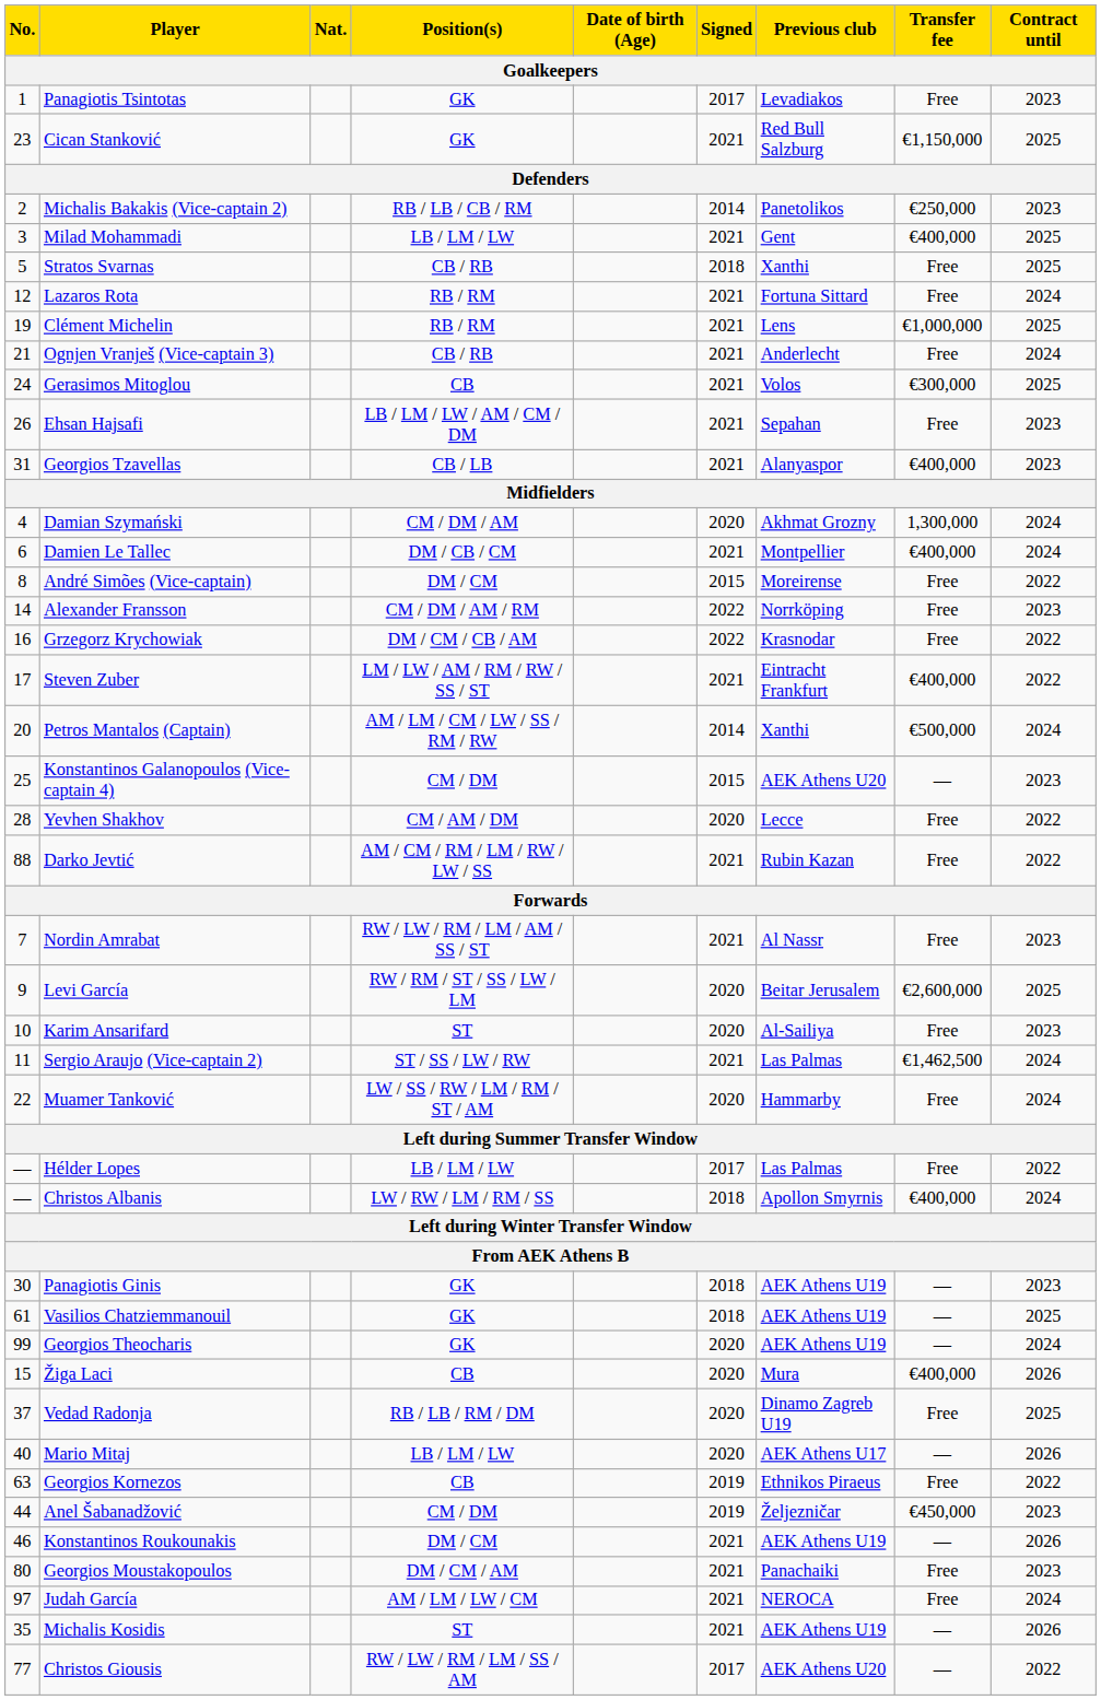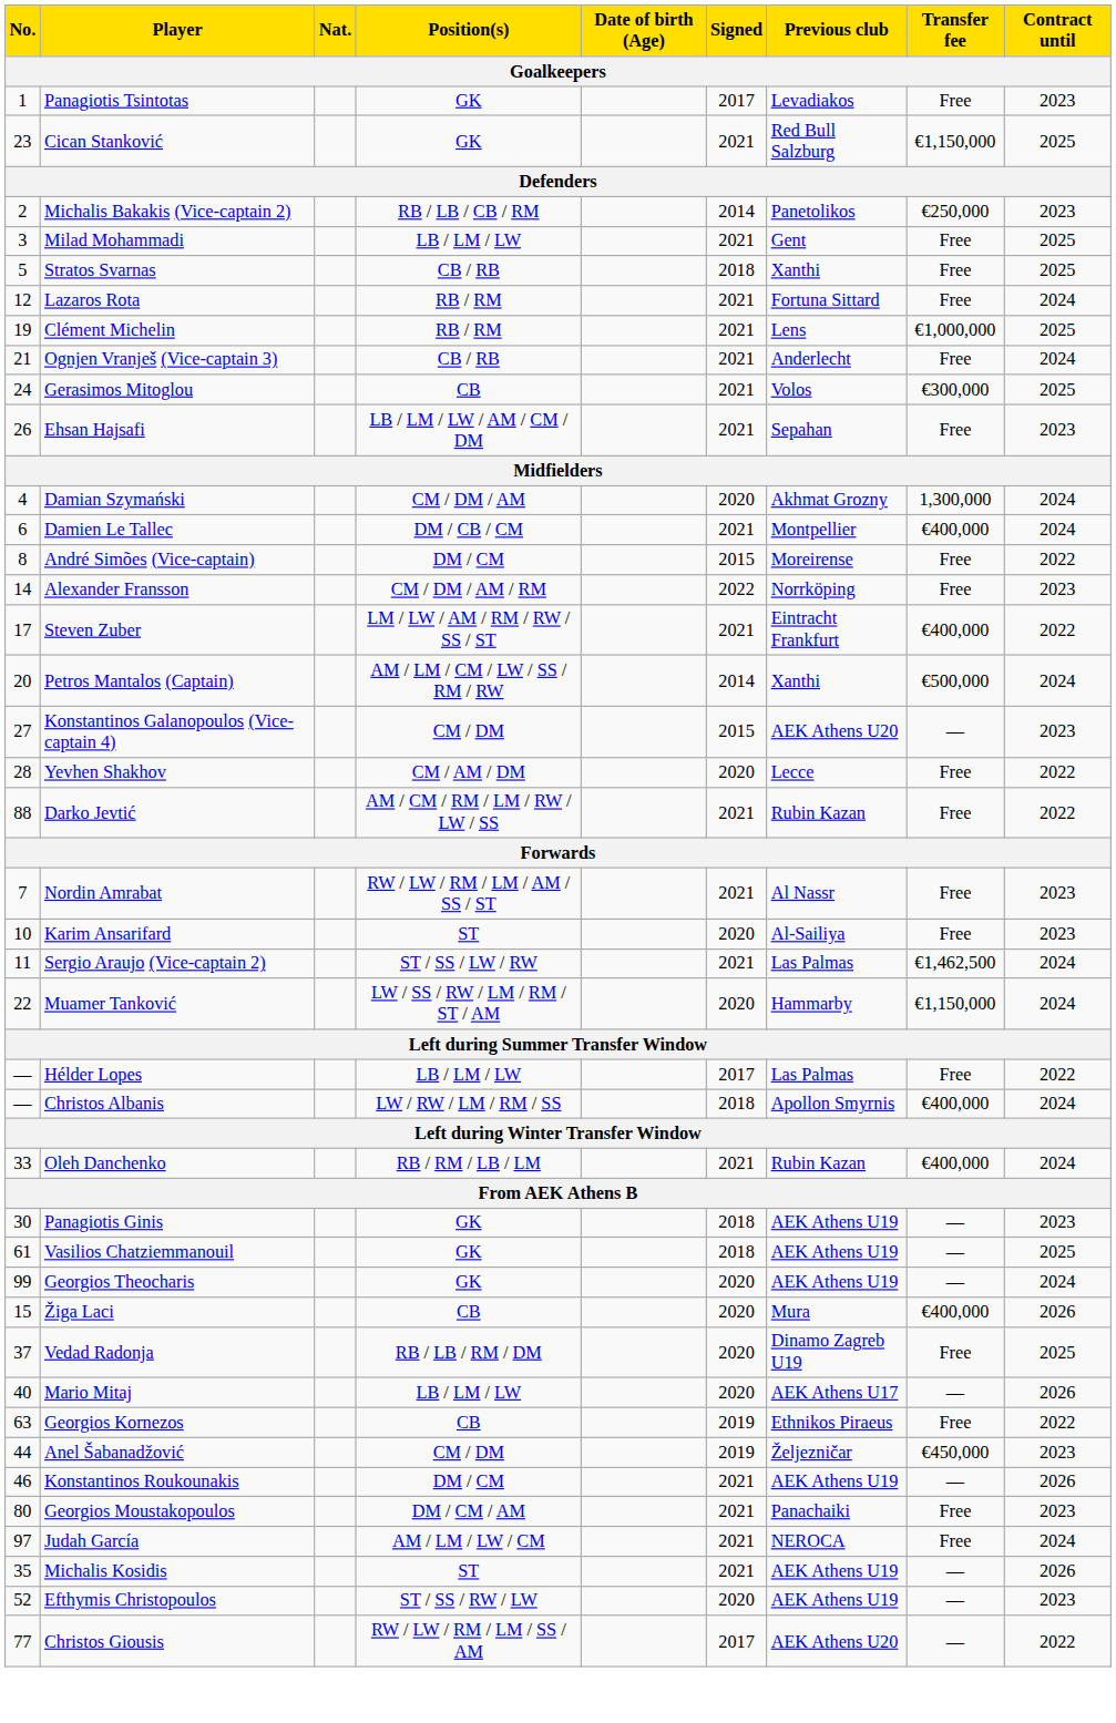 <table class="wikitable" style="text-align:center; font-size:90%; width:100%">
 <tr>
 <th style="background:#FFDE00">No.</th>
 <th style="background:#FFDE00">Player</th>
 <th style="background:#FFDE00">Nat.</th>
 <th style="background:#FFDE00">Position(s)</th>
 <th style="background:#FFDE00">Date of birth (Age)</th>
 <th style="background:#FFDE00">Signed</th>
 <th style="background:#FFDE00">Previous club</th>
 <th style="background:#FFDE00">Transfer fee</th>
 <th style="background:#FFDE00">Contract until</th>
 </tr>
 <tr>
 <th colspan="9">Goalkeepers</th>
 </tr>
 <tr>
 <td>1</td>
 <td align=left><a href='#'>Panagiotis Tsintotas</a></td>
 <td></td>
 <td><a href='#'>GK</a></td>
 <td></td>
 <td>2017</td>
 <td align=left> <a href='#'>Levadiakos</a></td>
 <td>Free</td>
 <td>2023</td>
 </tr>
 <tr>
 <td>23</td>
 <td align=left><a href='#'>Cican Stanković</a></td>
 <td></td>
 <td><a href='#'>GK</a></td>
 <td></td>
 <td>2021</td>
 <td align=left> <a href='#'>Red Bull Salzburg</a></td>
 <td>€1,150,000</td>
 <td>2025</td>
 </tr>
 <tr>
 <th colspan="9">Defenders</th>
 </tr>
 <tr>
 <td>2</td>
 <td align=left><a href='#'>Michalis Bakakis</a> <a href='#'>(Vice-captain 2)</a></td>
 <td></td>
 <td><a href='#'>RB</a> / <a href='#'>LB</a> / <a href='#'>CB</a> / <a href='#'>RM</a></td>
 <td></td>
 <td>2014</td>
 <td align=left> <a href='#'>Panetolikos</a></td>
 <td>€250,000</td>
 <td>2023</td>
 </tr>
 <tr>
 <td>3</td>
 <td align=left><a href='#'>Milad Mohammadi</a></td>
 <td></td>
 <td><a href='#'>LB</a> / <a href='#'>LM</a> / <a href='#'>LW</a></td>
 <td></td>
 <td>2021</td>
 <td align=left> <a href='#'>Gent</a></td>
-<td>€400,000</td>
+<td>Free</td>
 <td>2025</td>
 </tr>
 <tr>
 <td>5</td>
 <td align=left><a href='#'>Stratos Svarnas</a></td>
 <td></td>
 <td><a href='#'>CB</a> / <a href='#'>RB</a></td>
 <td></td>
 <td>2018</td>
 <td align=left> <a href='#'>Xanthi</a></td>
 <td>Free</td>
 <td>2025</td>
 </tr>
 <tr>
 <td>12</td>
 <td align=left><a href='#'>Lazaros Rota</a></td>
 <td></td>
 <td><a href='#'>RB</a> / <a href='#'>RM</a></td>
 <td></td>
 <td>2021</td>
 <td align=left> <a href='#'>Fortuna Sittard</a></td>
 <td>Free</td>
 <td>2024</td>
 </tr>
 <tr>
 <td>19</td>
 <td align=left><a href='#'>Clément Michelin</a></td>
 <td></td>
 <td><a href='#'>RB</a> / <a href='#'>RM</a></td>
 <td></td>
 <td>2021</td>
 <td align=left> <a href='#'>Lens</a></td>
 <td>€1,000,000</td>
 <td>2025</td>
 </tr>
 <tr>
 <td>21</td>
 <td align=left><a href='#'>Ognjen Vranješ</a> <a href='#'>(Vice-captain 3)</a></td>
 <td></td>
 <td><a href='#'>CB</a> / <a href='#'>RB</a></td>
 <td></td>
 <td>2021</td>
 <td align=left> <a href='#'>Anderlecht</a></td>
 <td>Free</td>
 <td>2024</td>
 </tr>
 <tr>
 <td>24</td>
 <td align=left><a href='#'>Gerasimos Mitoglou</a></td>
 <td></td>
 <td><a href='#'>CB</a></td>
 <td></td>
 <td>2021</td>
 <td align=left> <a href='#'>Volos</a></td>
 <td>€300,000</td>
 <td>2025</td>
 </tr>
 <tr>
 <td>26</td>
 <td align=left><a href='#'>Ehsan Hajsafi</a></td>
 <td></td>
 <td><a href='#'>LB</a> / <a href='#'>LM</a> / <a href='#'>LW</a> / <a href='#'>AM</a> / <a href='#'>CM</a> / <a href='#'>DM</a></td>
 <td></td>
 <td>2021</td>
 <td align=left> <a href='#'>Sepahan</a></td>
 <td>Free</td>
 <td>2023</td>
 </tr>
 <tr>
-<td>31</td>
-<td align=left><a href='#'>Georgios Tzavellas</a></td>
-<td></td>
-<td><a href='#'>CB</a> / <a href='#'>LB</a></td>
-<td></td>
-<td>2021</td>
-<td align=left> <a href='#'>Alanyaspor</a></td>
-<td>€400,000</td>
-<td>2023</td>
-</tr>
-<tr>
 <th colspan="9">Midfielders</th>
 </tr>
 <tr>
 <td>4</td>
 <td align=left><a href='#'>Damian Szymański</a></td>
 <td></td>
 <td><a href='#'>CM</a> / <a href='#'>DM</a> / <a href='#'>AM</a></td>
 <td></td>
 <td>2020</td>
 <td align=left> <a href='#'>Akhmat Grozny</a></td>
 <td>1,300,000</td>
 <td>2024</td>
 </tr>
 <tr>
 <td>6</td>
 <td align=left><a href='#'>Damien Le Tallec</a></td>
 <td></td>
 <td><a href='#'>DM</a> / <a href='#'>CB</a> / <a href='#'>CM</a></td>
 <td></td>
 <td>2021</td>
 <td align=left> <a href='#'>Montpellier</a></td>
 <td>€400,000</td>
 <td>2024</td>
 </tr>
 <tr>
 <td>8</td>
 <td align=left><a href='#'>André Simões</a> <a href='#'>(Vice-captain)</a></td>
 <td></td>
 <td><a href='#'>DM</a> / <a href='#'>CM</a></td>
 <td></td>
 <td>2015</td>
 <td align=left> <a href='#'>Moreirense</a></td>
 <td>Free</td>
 <td>2022</td>
 </tr>
 <tr>
 <td>14</td>
 <td align=left><a href='#'>Alexander Fransson</a></td>
 <td></td>
 <td><a href='#'>CM</a> / <a href='#'>DM</a> / <a href='#'>AM</a> / <a href='#'>RM</a></td>
 <td></td>
 <td>2022</td>
 <td align=left> <a href='#'>Norrköping</a></td>
 <td>Free</td>
 <td>2023</td>
 </tr>
 <tr>
-<td>16</td>
-<td align=left><a href='#'>Grzegorz Krychowiak</a></td>
-<td></td>
-<td><a href='#'>DM</a> / <a href='#'>CM</a> / <a href='#'>CB</a> / <a href='#'>AM</a></td>
-<td></td>
-<td>2022</td>
-<td align=left> <a href='#'>Krasnodar</a></td>
-<td>Free</td>
-<td>2022</td>
-</tr>
-<tr>
 <td>17</td>
 <td align=left><a href='#'>Steven Zuber</a></td>
 <td></td>
 <td><a href='#'>LM</a> / <a href='#'>LW</a> / <a href='#'>AM</a> / <a href='#'>RM</a> / <a href='#'>RW</a> / <a href='#'>SS</a> / <a href='#'>ST</a></td>
 <td></td>
 <td>2021</td>
 <td align=left> <a href='#'>Eintracht Frankfurt</a></td>
 <td>€400,000</td>
 <td>2022</td>
 </tr>
 <tr>
 <td>20</td>
 <td align=left><a href='#'>Petros Mantalos</a> <a href='#'>(Captain)</a></td>
 <td></td>
 <td><a href='#'>AM</a> / <a href='#'>LM</a> / <a href='#'>CM</a> / <a href='#'>LW</a> / <a href='#'>SS</a> / <a href='#'>RM</a> / <a href='#'>RW</a></td>
 <td></td>
 <td>2014</td>
 <td align=left> <a href='#'>Xanthi</a></td>
 <td>€500,000</td>
 <td>2024</td>
 </tr>
 <tr>
-<td>25</td>
+<td>27</td>
 <td align=left><a href='#'>Konstantinos Galanopoulos</a> <a href='#'>(Vice-captain 4)</a></td>
 <td></td>
 <td><a href='#'>CM</a> / <a href='#'>DM</a></td>
 <td></td>
 <td>2015</td>
 <td align=left> <a href='#'>AEK Athens U20</a></td>
 <td>—</td>
 <td>2023</td>
 </tr>
 <tr>
 <td>28</td>
 <td align=left><a href='#'>Yevhen Shakhov</a></td>
 <td></td>
 <td><a href='#'>CM</a> / <a href='#'>AM</a> / <a href='#'>DM</a></td>
 <td></td>
 <td>2020</td>
 <td align=left> <a href='#'>Lecce</a></td>
 <td>Free</td>
 <td>2022</td>
 </tr>
 <tr>
 <td>88</td>
 <td align=left><a href='#'>Darko Jevtić</a></td>
 <td></td>
 <td><a href='#'>AM</a> / <a href='#'>CM</a> / <a href='#'>RM</a> / <a href='#'>LM</a> / <a href='#'>RW</a> / <a href='#'>LW</a> / <a href='#'>SS</a></td>
 <td></td>
 <td>2021</td>
 <td align=left> <a href='#'>Rubin Kazan</a></td>
 <td>Free</td>
 <td>2022</td>
 </tr>
 <tr>
 <th colspan="9">Forwards</th>
 </tr>
 <tr>
 <td>7</td>
 <td align=left><a href='#'>Nordin Amrabat</a></td>
 <td></td>
 <td><a href='#'>RW</a> / <a href='#'>LW</a> / <a href='#'>RM</a> / <a href='#'>LM</a> / <a href='#'>AM</a> / <a href='#'>SS</a> / <a href='#'>ST</a></td>
 <td></td>
 <td>2021</td>
 <td align=left> <a href='#'>Al Nassr</a></td>
 <td>Free</td>
 <td>2023</td>
 </tr>
 <tr>
-<td>9</td>
-<td align=left><a href='#'>Levi García</a></td>
-<td></td>
-<td><a href='#'>RW</a> / <a href='#'>RM</a> / <a href='#'>ST</a> / <a href='#'>SS</a> / <a href='#'>LW</a> / <a href='#'>LM</a></td>
-<td></td>
-<td>2020</td>
-<td align=left> <a href='#'>Beitar Jerusalem</a></td>
-<td>€2,600,000</td>
-<td>2025</td>
-</tr>
-<tr>
 <td>10</td>
 <td align=left><a href='#'>Karim Ansarifard</a></td>
 <td></td>
 <td><a href='#'>ST</a></td>
 <td></td>
 <td>2020</td>
 <td align=left> <a href='#'>Al-Sailiya</a></td>
 <td>Free</td>
 <td>2023</td>
 </tr>
 <tr>
 <td>11</td>
 <td align=left><a href='#'>Sergio Araujo</a> <a href='#'>(Vice-captain 2)</a></td>
 <td></td>
 <td><a href='#'>ST</a> / <a href='#'>SS</a> / <a href='#'>LW</a> / <a href='#'>RW</a></td>
 <td></td>
 <td>2021</td>
 <td align=left> <a href='#'>Las Palmas</a></td>
 <td>€1,462,500</td>
 <td>2024</td>
 </tr>
 <tr>
 <td>22</td>
 <td align=left><a href='#'>Muamer Tanković</a></td>
 <td></td>
 <td><a href='#'>LW</a> / <a href='#'>SS</a> / <a href='#'>RW</a> / <a href='#'>LM</a> / <a href='#'>RM</a> / <a href='#'>ST</a> / <a href='#'>AM</a></td>
 <td></td>
 <td>2020</td>
 <td align=left> <a href='#'>Hammarby</a></td>
-<td>Free</td>
+<td>€1,150,000</td>
 <td>2024</td>
 </tr>
 <tr>
 <th colspan="9">Left during Summer Transfer Window</th>
 </tr>
 <tr>
 <td>—</td>
 <td align=left><a href='#'>Hélder Lopes</a></td>
 <td></td>
 <td><a href='#'>LB</a> / <a href='#'>LM</a> / <a href='#'>LW</a></td>
 <td></td>
 <td>2017</td>
 <td align=left> <a href='#'>Las Palmas</a></td>
 <td>Free</td>
 <td>2022</td>
 </tr>
 <tr>
 <td>—</td>
 <td align=left><a href='#'>Christos Albanis</a></td>
 <td></td>
 <td><a href='#'>LW</a> / <a href='#'>RW</a> / <a href='#'>LM</a> / <a href='#'>RM</a> / <a href='#'>SS</a></td>
 <td></td>
 <td>2018</td>
 <td align=left> <a href='#'>Apollon Smyrnis</a></td>
 <td>€400,000</td>
 <td>2024</td>
 </tr>
 <tr>
 <th colspan="9">Left during Winter Transfer Window</th>
+</tr>
+<tr>
+<td>33</td>
+<td align=left><a href='#'>Oleh Danchenko</a></td>
+<td></td>
+<td><a href='#'>RB</a> / <a href='#'>RM</a> / <a href='#'>LB</a> / <a href='#'>LM</a></td>
+<td></td>
+<td>2021</td>
+<td align=left> <a href='#'>Rubin Kazan</a></td>
+<td>€400,000</td>
+<td>2024</td>
 </tr>
 <tr>
 <th colspan="9">From AEK Athens B</th>
 </tr>
 <tr>
 <td>30</td>
 <td align=left><a href='#'>Panagiotis Ginis</a></td>
 <td></td>
 <td><a href='#'>GK</a></td>
 <td></td>
 <td>2018</td>
 <td align=left> <a href='#'>AEK Athens U19</a></td>
 <td>—</td>
 <td>2023</td>
 </tr>
 <tr>
 <td>61</td>
 <td align=left><a href='#'>Vasilios Chatziemmanouil</a></td>
 <td></td>
 <td><a href='#'>GK</a></td>
 <td></td>
 <td>2018</td>
 <td align=left> <a href='#'>AEK Athens U19</a></td>
 <td>—</td>
 <td>2025</td>
 </tr>
 <tr>
 <td>99</td>
 <td align=left><a href='#'>Georgios Theocharis</a></td>
 <td></td>
 <td><a href='#'>GK</a></td>
 <td></td>
 <td>2020</td>
 <td align=left> <a href='#'>AEK Athens U19</a></td>
 <td>—</td>
 <td>2024</td>
 </tr>
 <tr>
 <td>15</td>
 <td align=left><a href='#'>Žiga Laci</a></td>
 <td></td>
 <td><a href='#'>CB</a></td>
 <td></td>
 <td>2020</td>
 <td align=left> <a href='#'>Mura</a></td>
 <td>€400,000</td>
 <td>2026</td>
 </tr>
 <tr>
 <td>37</td>
 <td align=left><a href='#'>Vedad Radonja</a></td>
 <td></td>
 <td><a href='#'>RB</a> / <a href='#'>LB</a> / <a href='#'>RM</a> / <a href='#'>DM</a></td>
 <td></td>
 <td>2020</td>
 <td align=left> <a href='#'>Dinamo Zagreb U19</a></td>
 <td>Free</td>
 <td>2025</td>
 </tr>
 <tr>
 <td>40</td>
 <td align=left><a href='#'>Mario Mitaj</a></td>
 <td></td>
 <td><a href='#'>LB</a> / <a href='#'>LM</a> / <a href='#'>LW</a></td>
 <td></td>
 <td>2020</td>
 <td align=left> <a href='#'>AEK Athens U17</a></td>
 <td>—</td>
 <td>2026</td>
 </tr>
 <tr>
 <td>63</td>
 <td align=left><a href='#'>Georgios Kornezos</a></td>
 <td></td>
 <td><a href='#'>CB</a></td>
 <td></td>
 <td>2019</td>
 <td align=left> <a href='#'>Ethnikos Piraeus</a></td>
 <td>Free</td>
 <td>2022</td>
 </tr>
 <tr>
 <td>44</td>
 <td align=left><a href='#'>Anel Šabanadžović</a></td>
 <td></td>
 <td><a href='#'>CM</a> / <a href='#'>DM</a></td>
 <td></td>
 <td>2019</td>
 <td align=left> <a href='#'>Željezničar</a></td>
 <td>€450,000</td>
 <td>2023</td>
 </tr>
 <tr>
 <td>46</td>
 <td align=left><a href='#'>Konstantinos Roukounakis</a></td>
 <td></td>
 <td><a href='#'>DM</a> / <a href='#'>CM</a></td>
 <td></td>
 <td>2021</td>
 <td align=left> <a href='#'>AEK Athens U19</a></td>
 <td>—</td>
 <td>2026</td>
 </tr>
 <tr>
 <td>80</td>
 <td align=left><a href='#'>Georgios Moustakopoulos</a></td>
 <td></td>
 <td><a href='#'>DM</a> / <a href='#'>CM</a> / <a href='#'>AM</a></td>
 <td></td>
 <td>2021</td>
 <td align=left> <a href='#'>Panachaiki</a></td>
 <td>Free</td>
 <td>2023</td>
 </tr>
 <tr>
 <td>97</td>
 <td align=left><a href='#'>Judah García</a></td>
 <td></td>
 <td><a href='#'>AM</a> / <a href='#'>LM</a> / <a href='#'>LW</a> / <a href='#'>CM</a></td>
 <td></td>
 <td>2021</td>
 <td align=left> <a href='#'>NEROCA</a></td>
 <td>Free</td>
 <td>2024</td>
 </tr>
 <tr>
 <td>35</td>
 <td align=left><a href='#'>Michalis Kosidis</a></td>
 <td></td>
 <td><a href='#'>ST</a></td>
 <td></td>
 <td>2021</td>
 <td align=left> <a href='#'>AEK Athens U19</a></td>
 <td>—</td>
 <td>2026</td>
 </tr>
 <tr>
+<td>52</td>
+<td align=left><a href='#'>Efthymis Christopoulos</a></td>
+<td></td>
+<td><a href='#'>ST</a> / <a href='#'>SS</a> / <a href='#'>RW</a> / <a href='#'>LW</a></td>
+<td></td>
+<td>2020</td>
+<td align=left> <a href='#'>AEK Athens U19</a></td>
+<td>—</td>
+<td>2023</td>
+</tr>
+<tr>
 <td>77</td>
 <td align=left><a href='#'>Christos Giousis</a></td>
 <td></td>
 <td><a href='#'>RW</a> / <a href='#'>LW</a> / <a href='#'>RM</a> / <a href='#'>LM</a> / <a href='#'>SS</a> / <a href='#'>AM</a></td>
 <td></td>
 <td>2017</td>
 <td align=left> <a href='#'>AEK Athens U20</a></td>
 <td>—</td>
 <td>2022</td>
 </tr>
 </table>
